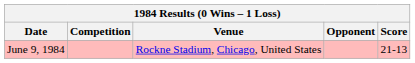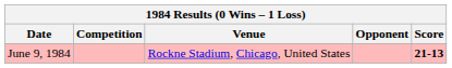 <table class="wikitable sortable">
 <tr>
 <th colspan="5"><strong>1984 Results (0 Wins – 1 Loss)</strong></th>
 </tr>
 <tr>
 <th>Date</th>
 <th>Competition</th>
 <th>Venue</th>
 <th>Opponent</th>
 <th>Score</th>
 </tr>
 <tr style="background:#fbb;">
 <td align=center>June 9, 1984</td>
 <td align=center></td>
 <td align=center><a href='#'>Rockne Stadium</a>, <a href='#'>Chicago</a>, United States</td>
 <td></td>
-<td align=center>21-13</td>
+<td align=center><strong>21-13</strong></td>
 </tr>
 </table>
